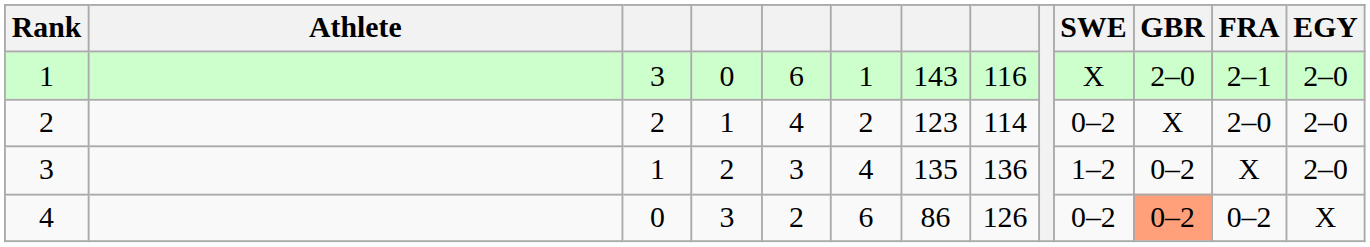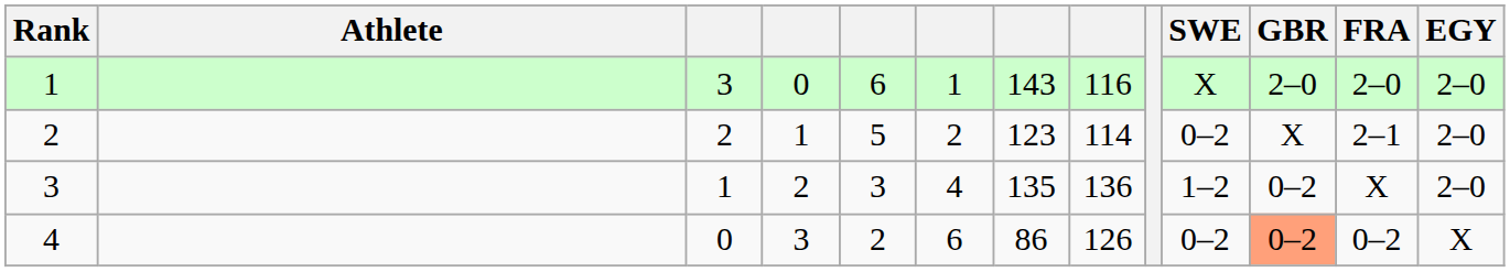 <table class="wikitable" style="text-align:center">
 <tr>
 <th>Rank</th>
 <th width=280>Athlete</th>
 <th width=30></th>
 <th width=30></th>
 <th width=30></th>
 <th width=30></th>
 <th width=30></th>
 <th width=30></th>
 <th rowspan=5></th>
 <th width=30>SWE</th>
 <th width=30>GBR</th>
 <th width=30>FRA</th>
 <th width=30>EGY</th>
 </tr>
 <tr style="background-color:#ccffcc;">
 <td>1</td>
 <td align=left></td>
 <td>3</td>
 <td>0</td>
 <td>6</td>
 <td>1</td>
 <td>143</td>
 <td>116</td>
 <td>X</td>
 <td>2–0</td>
-<td>2–1</td>
+<td>2–0</td>
 <td>2–0</td>
 </tr>
 <tr>
 <td>2</td>
 <td align=left></td>
 <td>2</td>
 <td>1</td>
-<td>4</td>
+<td>5</td>
 <td>2</td>
 <td>123</td>
 <td>114</td>
 <td>0–2</td>
 <td>X</td>
-<td>2–0</td>
+<td>2–1</td>
 <td>2–0</td>
 </tr>
 <tr>
 <td>3</td>
 <td align=left></td>
 <td>1</td>
 <td>2</td>
 <td>3</td>
 <td>4</td>
 <td>135</td>
 <td>136</td>
 <td>1–2</td>
 <td>0–2</td>
 <td>X</td>
 <td>2–0</td>
 </tr>
 <tr>
 <td>4</td>
 <td align=left></td>
 <td>0</td>
 <td>3</td>
 <td>2</td>
 <td>6</td>
 <td>86</td>
 <td>126</td>
 <td>0–2</td>
 <td style="background: lightsalmon;">0–2</td>
 <td>0–2</td>
 <td>X</td>
 </tr>
 </table>
